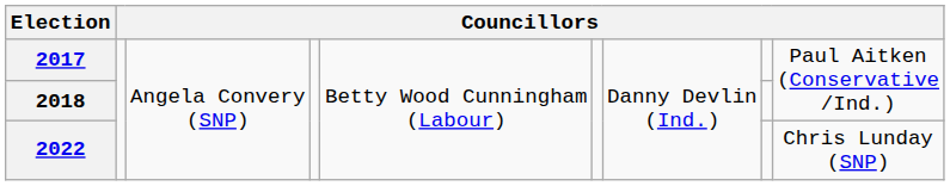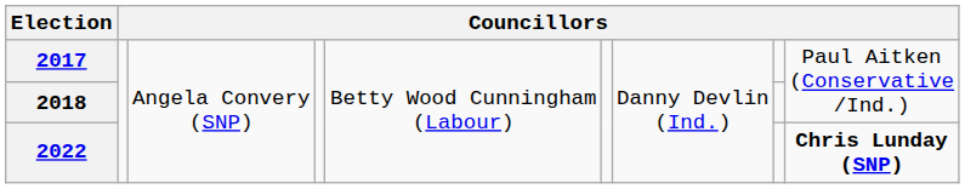 <table class="wikitable" style="text-align:center">
 <tr>
 <th>Election</th>
 <th colspan=8>Councillors</th>
 </tr>
 <tr>
 <th><a href='#'>2017</a></th>
 <td rowspan=3; style="background-color: "></td>
 <td rowspan=3>Angela Convery<br>(<a href='#'>SNP</a>)</td>
 <td rowspan=3; style="background-color: "></td>
 <td rowspan=3>Betty Wood Cunningham<br>(<a href='#'>Labour</a>)</td>
 <td rowspan=3; style="background-color: "></td>
 <td rowspan=3>Danny Devlin<br>(<a href='#'>Ind.</a>)</td>
 <td rowspan=1; style="background-color: "></td>
 <td rowspan=2>Paul Aitken<br>(<a href='#'>Conservative</a><br>/Ind.)</td>
 </tr>
 <tr>
 <th>2018</th>
 <td rowspan=1; style="background-color: "></td>
 </tr>
 <tr>
 <th><a href='#'>2022</a></th>
 <td rowspan=1; style="background-color: "></td>
-<td rowspan=1>Chris Lunday<br>(<a href='#'>SNP</a>)</td>
+<td rowspan=1><strong>Chris Lunday<br>(<a href='#'>SNP</a>)</strong></td>
 </tr>
 </table>
